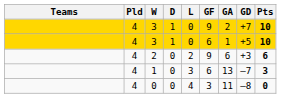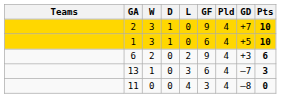 <table class="wikitable" style="text-align: center;">
 <tr>
 <th width=165>Teams</th>
-<th width=20>Pld</th>
+<th width=20>GA</th>
 <th width=20>W</th>
 <th width=20>D</th>
 <th width=20>L</th>
 <th width=20>GF</th>
-<th width=20>GA</th>
+<th width=20>Pld</th>
 <th width=20>GD</th>
 <th width=20>Pts</th>
 </tr>
 <tr align=center style="background:gold">
 <td style="text-align:left;"></td>
-<td>4</td>
+<td>2</td>
 <td>3</td>
 <td>1</td>
 <td>0</td>
 <td>9</td>
-<td>2</td>
+<td>4</td>
 <td>+7</td>
 <td><strong>10</strong></td>
 </tr>
 <tr align=center style="background:gold">
 <td style="text-align:left;"></td>
-<td>4</td>
+<td>1</td>
 <td>3</td>
 <td>1</td>
 <td>0</td>
 <td>6</td>
-<td>1</td>
+<td>4</td>
 <td>+5</td>
 <td><strong>10</strong></td>
 </tr>
 <tr align=center>
 <td style="text-align:left;"></td>
-<td>4</td>
+<td>6</td>
 <td>2</td>
 <td>0</td>
 <td>2</td>
 <td>9</td>
-<td>6</td>
+<td>4</td>
 <td>+3</td>
 <td><strong>6</strong></td>
 </tr>
 <tr align=center>
 <td style="text-align:left;"></td>
-<td>4</td>
+<td>13</td>
 <td>1</td>
 <td>0</td>
 <td>3</td>
 <td>6</td>
-<td>13</td>
+<td>4</td>
 <td>–7</td>
 <td><strong>3</strong></td>
 </tr>
 <tr align=center>
 <td style="text-align:left;"></td>
-<td>4</td>
+<td>11</td>
 <td>0</td>
 <td>0</td>
 <td>4</td>
 <td>3</td>
-<td>11</td>
+<td>4</td>
 <td>–8</td>
 <td><strong>0</strong></td>
 </tr>
 </table>
